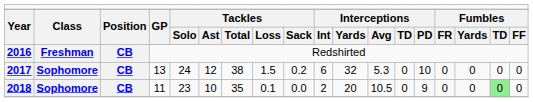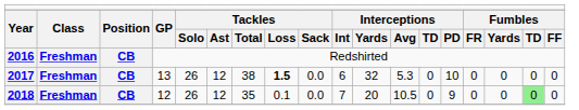 <table class="wikitable" style="text-align:center;">
 <tr>
 <td ! colspan="18"></td>
 </tr>
 <tr align="center">
 </tr>
 <tr>
 <th rowspan="2">Year</th>
 <th rowspan="2">Class</th>
 <th rowspan="2">Position</th>
 <th rowspan="2">GP</th>
 <th colspan="5">Tackles</th>
 <th colspan="5">Interceptions</th>
 <th colspan="4">Fumbles</th>
 </tr>
 <tr>
 <th>Solo</th>
 <th>Ast</th>
 <th>Total</th>
 <th>Loss</th>
 <th>Sack</th>
 <th>Int</th>
 <th>Yards</th>
 <th>Avg</th>
 <th>TD</th>
 <th>PD</th>
 <th>FR</th>
 <th>Yards</th>
 <th>TD</th>
 <th>FF</th>
 </tr>
 <tr>
 <th><a href='#'>2016</a></th>
 <th><a href='#'>Freshman</a></th>
 <th><a href='#'>CB</a></th>
 <td colspan="15"> Redshirted</td>
 </tr>
 <tr>
 <th><a href='#'>2017</a></th>
-<th> <a href='#'>Sophomore</a></th>
+<th> <a href='#'>Freshman</a></th>
 <th><a href='#'>CB</a></th>
 <td>13</td>
-<td>24</td>
+<td>26</td>
 <td>12</td>
 <td>38</td>
-<td>1.5</td>
-<td>0.2</td>
+<td><strong>1.5</strong></td>
+<td>0.0</td>
 <td>6</td>
 <td>32</td>
 <td>5.3</td>
 <td>0</td>
 <td>10</td>
 <td>0</td>
 <td>0</td>
 <td>0</td>
 <td>0</td>
 </tr>
 <tr>
 <th><a href='#'>2018</a></th>
-<th> <a href='#'>Sophomore</a></th>
+<th> <a href='#'>Freshman</a></th>
 <th><a href='#'>CB</a></th>
-<td>11</td>
-<td>23</td>
-<td>10</td>
+<td>12</td>
+<td>26</td>
+<td>12</td>
 <td>35</td>
 <td>0.1</td>
 <td>0.0</td>
-<td>2</td>
+<td>7</td>
 <td>20</td>
 <td>10.5</td>
 <td>0</td>
 <td>9</td>
 <td>0</td>
 <td>0</td>
 <td style="background: lightgreen;">0</td>
 <td>0</td>
 </tr>
 <tr>
 </tr>
 </table>
